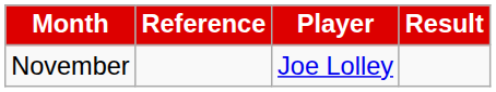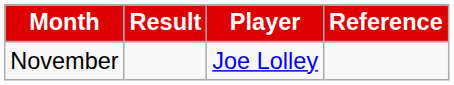 <table class=wikitable>
 <tr>
 <th style="background:#DD0000; color:#FFFFFF;">Month</th>
+<th style="background:#DD0000; color:#FFFFFF;">Result</th>
+<th style="background:#DD0000; color:#FFFFFF;">Player</th>
 <th style="background:#DD0000; color:#FFFFFF;">Reference</th>
-<th style="background:#DD0000; color:#FFFFFF;">Player</th>
-<th style="background:#DD0000; color:#FFFFFF;">Result</th>
 </tr>
 <tr>
 <td align=center>November</td>
 <td></td>
 <td><a href='#'>Joe Lolley</a></td>
 <td></td>
 </tr>
 </table>
